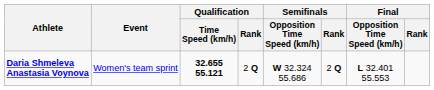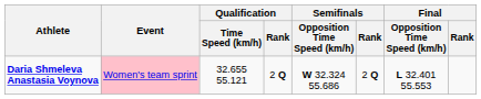 <table class="wikitable" style="font-size:90%">
 <tr>
 <th rowspan="2">Athlete</th>
 <th rowspan="2">Event</th>
 <th colspan=2>Qualification</th>
 <th colspan=2>Semifinals</th>
 <th colspan=2>Final</th>
 </tr>
 <tr style="font-size:95%">
 <th>Time<br>Speed (km/h)</th>
 <th>Rank</th>
 <th>Opposition<br>Time<br>Speed (km/h)</th>
 <th>Rank</th>
 <th>Opposition<br>Time<br>Speed (km/h)</th>
 <th>Rank</th>
 </tr>
 <tr align=center>
 <td align=left><strong><a href='#'>Daria Shmeleva</a><br><a href='#'>Anastasia Voynova</a></strong></td>
-<td align=left><a href='#'>Women's team sprint</a></td>
-<td><strong>32.655<br>55.121</strong></td>
+<td align=left style="background: pink;"><a href='#'>Women's team sprint</a></td>
+<td>32.655<br>55.121</td>
 <td>2 <strong>Q</strong></td>
 <td><br><strong>W</strong> 32.324<br>55.686</td>
 <td>2 <strong>Q</strong></td>
 <td><br><strong>L</strong> 32.401<br>55.553</td>
 <td></td>
 </tr>
 </table>
